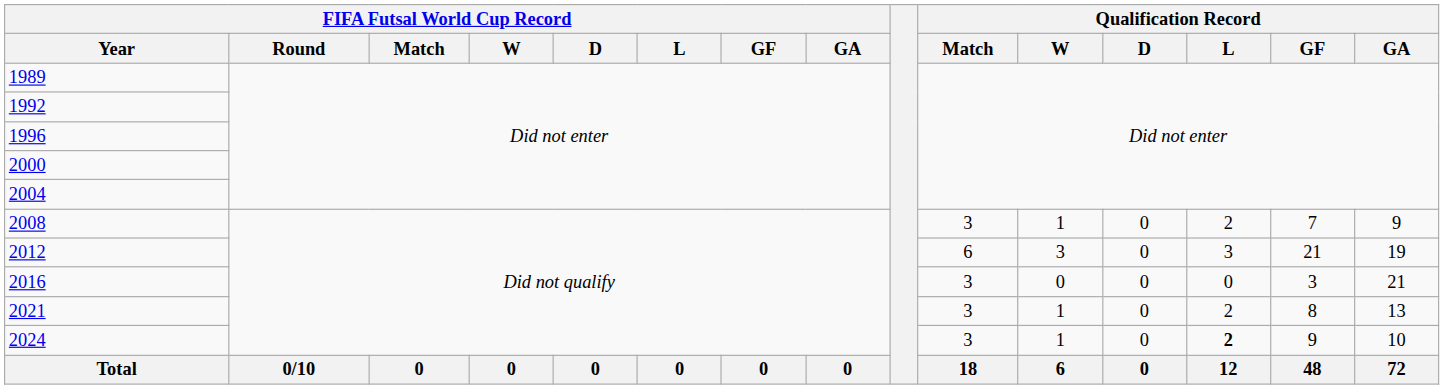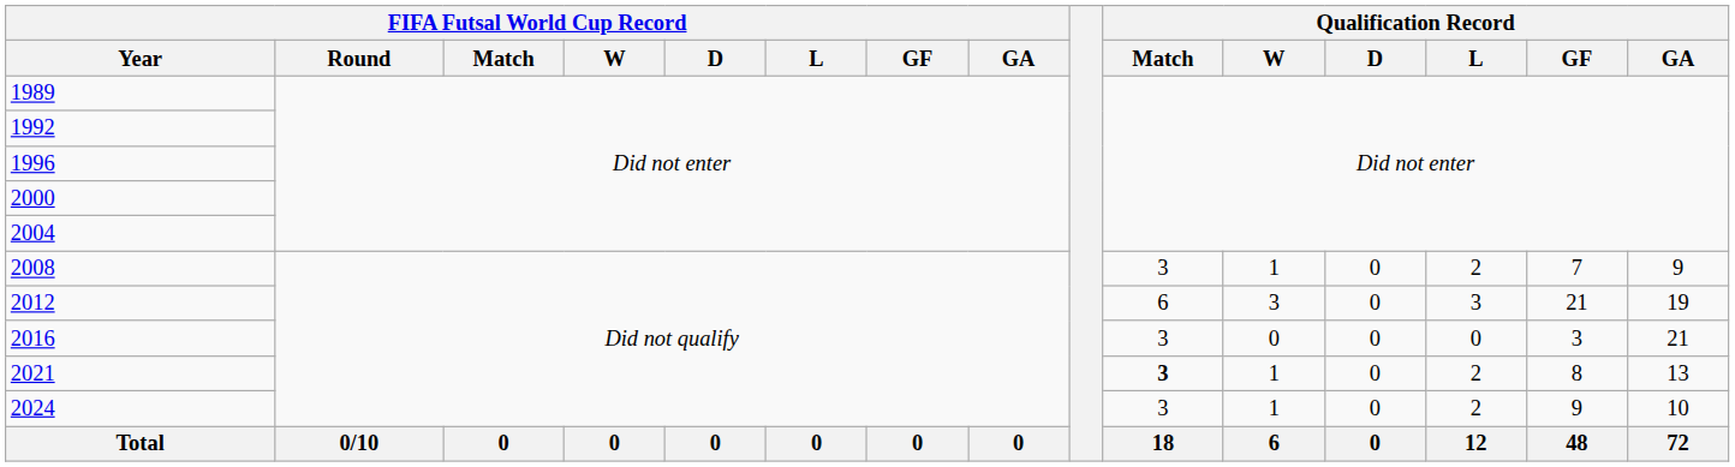 <table class="wikitable" style="text-align: center;font-size:100%;">
 <tr>
 <th colspan=8><a href='#'>FIFA Futsal World Cup Record</a></th>
 <th rowspan=13 width=1%></th>
 <th colspan=7>Qualification Record</th>
 </tr>
 <tr>
 <th width=8%>Year</th>
 <th width=5%>Round</th>
 <th width=3%>Match</th>
 <th width=3%>W</th>
 <th width=3%>D</th>
 <th width=3%>L</th>
 <th width=3%>GF</th>
 <th width=3%>GA</th>
 <th width=3%>Match</th>
 <th width=3%>W</th>
 <th width=3%>D</th>
 <th width=3%>L</th>
 <th width=3%>GF</th>
 <th width=3%>GA</th>
 </tr>
 <tr>
 <td align=left> <a href='#'>1989</a></td>
 <td colspan=7 rowspan=5><em>Did not enter</em></td>
 <td colspan=7 rowspan=5><em>Did not enter</em></td>
 </tr>
 <tr>
 <td align=left> <a href='#'>1992</a></td>
 </tr>
 <tr>
 <td align=left> <a href='#'>1996</a></td>
 </tr>
 <tr>
 <td align=left> <a href='#'>2000</a></td>
 </tr>
 <tr>
 <td align=left> <a href='#'>2004</a></td>
 </tr>
 <tr>
 <td align=left> <a href='#'>2008</a></td>
 <td colspan=7 rowspan=5><em>Did not qualify</em></td>
 <td>3</td>
 <td>1</td>
 <td>0</td>
 <td>2</td>
 <td>7</td>
 <td>9</td>
 </tr>
 <tr>
 <td align=left> <a href='#'>2012</a></td>
 <td>6</td>
 <td>3</td>
 <td>0</td>
 <td>3</td>
 <td>21</td>
 <td>19</td>
 </tr>
 <tr>
 <td align=left> <a href='#'>2016</a></td>
 <td>3</td>
 <td>0</td>
 <td>0</td>
 <td>0</td>
 <td>3</td>
 <td>21</td>
 </tr>
 <tr>
 <td align=left> <a href='#'>2021</a></td>
-<td>3</td>
+<td><strong>3</strong></td>
 <td>1</td>
 <td>0</td>
 <td>2</td>
 <td>8</td>
 <td>13</td>
 </tr>
 <tr>
 <td align=left> <a href='#'>2024</a></td>
 <td>3</td>
 <td>1</td>
 <td>0</td>
-<td><strong>2</strong></td>
+<td>2</td>
 <td>9</td>
 <td>10</td>
 </tr>
 <tr>
 <th>Total</th>
 <th>0/10</th>
 <th>0</th>
 <th>0</th>
 <th>0</th>
 <th>0</th>
 <th>0</th>
 <th>0</th>
 <th>18</th>
 <th>6</th>
 <th>0</th>
 <th>12</th>
 <th>48</th>
 <th>72</th>
 </tr>
 </table>
